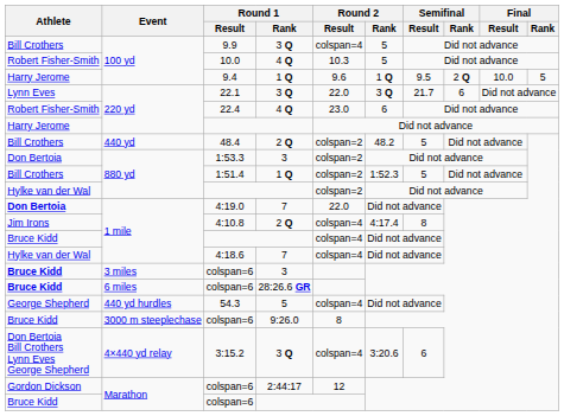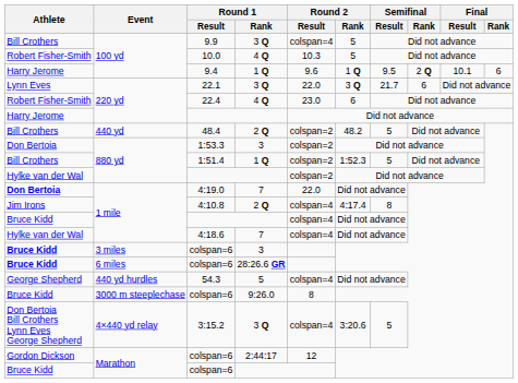 <table class=wikitable style=font-size:90%>
 <tr>
 <th rowspan=2>Athlete</th>
 <th rowspan=2>Event</th>
 <th colspan=2>Round 1</th>
 <th colspan=2>Round 2</th>
 <th colspan=2>Semifinal</th>
 <th colspan=2>Final</th>
 </tr>
 <tr style=font-size:95%>
 <th>Result</th>
 <th>Rank</th>
 <th>Result</th>
 <th>Rank</th>
 <th>Result</th>
 <th>Rank</th>
 <th>Result</th>
 <th>Rank</th>
 </tr>
 <tr align=center>
 <td align=left><a href='#'>Bill Crothers</a></td>
 <td align=left rowspan=3><a href='#'>100 yd</a></td>
 <td>9.9</td>
 <td>3 <strong>Q</strong></td>
 <td>colspan=4 </td>
 <td>5</td>
 <td colspan=4>Did not advance</td>
 </tr>
 <tr align=center>
 <td align=left><a href='#'>Robert Fisher-Smith</a></td>
 <td>10.0</td>
 <td>4 <strong>Q</strong></td>
 <td>10.3</td>
 <td>5</td>
 <td colspan=4>Did not advance</td>
 </tr>
 <tr align=center>
 <td align=left><a href='#'>Harry Jerome</a></td>
 <td>9.4</td>
 <td>1 <strong>Q</strong></td>
 <td>9.6</td>
 <td>1 <strong>Q</strong></td>
 <td>9.5</td>
 <td>2 <strong>Q</strong></td>
-<td>10.0</td>
-<td>5</td>
+<td>10.1</td>
+<td>6</td>
 </tr>
 <tr align=center>
 <td align=left><a href='#'>Lynn Eves</a></td>
 <td align=left rowspan=3><a href='#'>220 yd</a></td>
 <td>22.1</td>
 <td>3 <strong>Q</strong></td>
 <td>22.0</td>
 <td>3 <strong>Q</strong></td>
 <td>21.7</td>
 <td>6</td>
 <td colspan=2>Did not advance</td>
 </tr>
 <tr align=center>
 <td align=left><a href='#'>Robert Fisher-Smith</a></td>
 <td>22.4</td>
 <td>4 <strong>Q</strong></td>
 <td>23.0</td>
 <td>6</td>
 <td colspan=4>Did not advance</td>
 </tr>
 <tr align=center>
 <td align=left><a href='#'>Harry Jerome</a></td>
 <td colspan=2></td>
 <td colspan=6>Did not advance</td>
 </tr>
 <tr align=center>
 <td align=left><a href='#'>Bill Crothers</a></td>
 <td align=left><a href='#'>440 yd</a></td>
 <td>48.4</td>
 <td>2 <strong>Q</strong></td>
 <td>colspan=2 </td>
 <td>48.2</td>
 <td>5</td>
 <td colspan=2>Did not advance</td>
 </tr>
 <tr align=center>
 <td align=left><a href='#'>Don Bertoia</a></td>
 <td align=left rowspan=3><a href='#'>880 yd</a></td>
 <td>1:53.3</td>
 <td>3</td>
 <td>colspan=2 </td>
 <td colspan=4>Did not advance</td>
 </tr>
 <tr align=center>
 <td align=left><a href='#'>Bill Crothers</a></td>
 <td>1:51.4</td>
 <td>1 <strong>Q</strong></td>
 <td>colspan=2 </td>
 <td>1:52.3</td>
 <td>5</td>
 <td colspan=2>Did not advance</td>
 </tr>
 <tr align=center>
 <td align=left><a href='#'>Hylke van der Wal</a></td>
 <td colspan=2></td>
 <td>colspan=2 </td>
 <td colspan=4>Did not advance</td>
 </tr>
 <tr align=center>
 <td align=left><strong><a href='#'>Don Bertoia</a></strong></td>
 <td align=left rowspan=4><a href='#'>1 mile</a></td>
 <td>4:19.0</td>
 <td>7</td>
 <td>22.0</td>
 <td colspan=2>Did not advance</td>
 </tr>
 <tr align=center>
 <td align=left><a href='#'>Jim Irons</a></td>
 <td>4:10.8</td>
 <td>2 <strong>Q</strong></td>
 <td>colspan=4 </td>
 <td>4:17.4</td>
 <td>8</td>
 </tr>
 <tr align=center>
 <td align=left><a href='#'>Bruce Kidd</a></td>
 <td colspan=2></td>
 <td>colspan=4 </td>
 <td colspan=2>Did not advance</td>
 </tr>
 <tr align=center>
 <td align=left><a href='#'>Hylke van der Wal</a></td>
 <td>4:18.6</td>
 <td>7</td>
 <td>colspan=4 </td>
 <td colspan=2>Did not advance</td>
 </tr>
 <tr align=center>
 <td align=left><strong><a href='#'>Bruce Kidd</a></strong></td>
 <td align=left><a href='#'>3 miles</a></td>
 <td>colspan=6 </td>
 <td>3</td>
 <td></td>
 </tr>
 <tr align=center>
 <td align=left><strong><a href='#'>Bruce Kidd</a></strong></td>
 <td align=left><a href='#'>6 miles</a></td>
 <td>colspan=6 </td>
 <td>28:26.6 <strong><a href='#'>GR</a></strong></td>
 <td></td>
 </tr>
 <tr align=center>
 <td align=left><a href='#'>George Shepherd</a></td>
 <td align=left><a href='#'>440 yd hurdles</a></td>
 <td>54.3</td>
 <td>5</td>
 <td>colspan=4 </td>
 <td colspan=2>Did not advance</td>
 </tr>
 <tr align=center>
 <td align=left><a href='#'>Bruce Kidd</a></td>
 <td align=left><a href='#'>3000 m steeplechase</a></td>
 <td>colspan=6 </td>
 <td>9:26.0</td>
 <td>8</td>
 </tr>
 <tr align=center>
 <td align=left><a href='#'>Don Bertoia</a><br><a href='#'>Bill Crothers</a><br><a href='#'>Lynn Eves</a><br><a href='#'>George Shepherd</a></td>
 <td align=left><a href='#'>4×440 yd relay</a></td>
 <td>3:15.2</td>
 <td>3 <strong>Q</strong></td>
 <td>colspan=4 </td>
 <td>3:20.6</td>
-<td>6</td>
+<td>5</td>
 </tr>
 <tr align=center>
 <td align=left><a href='#'>Gordon Dickson</a></td>
 <td align=left rowspan=2><a href='#'>Marathon</a></td>
 <td>colspan=6 </td>
 <td>2:44:17</td>
 <td>12</td>
 </tr>
 <tr align=center>
 <td align=left><a href='#'>Bruce Kidd</a></td>
 <td>colspan=6 </td>
 <td colspan=2></td>
 </tr>
 </table>
